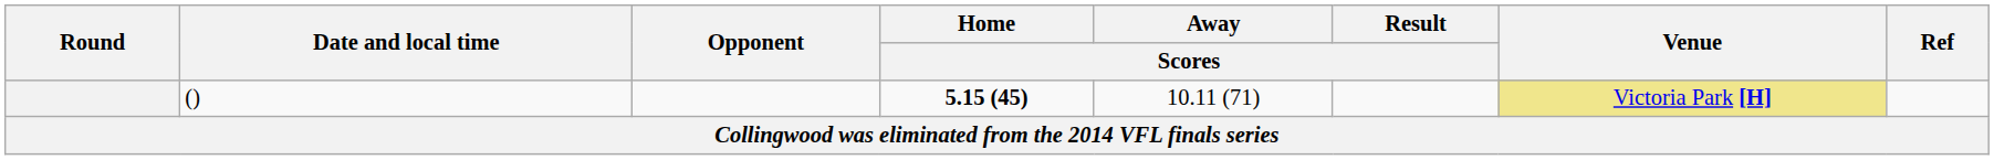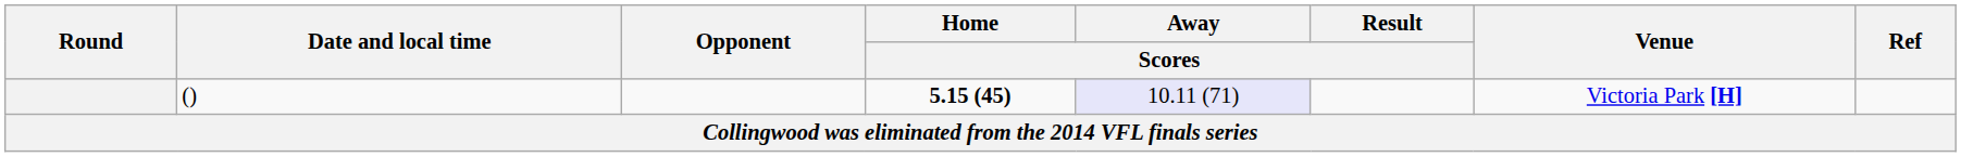 <table class="wikitable plainrowheaders" style="font-size:90%; width:100%; text-align:center;">
 <tr>
 <th scope="col" rowspan="2">Round</th>
 <th scope="col" rowspan="2">Date and local time</th>
 <th scope="col" rowspan="2">Opponent</th>
 <th scope="col">Home</th>
 <th scope="col">Away</th>
 <th scope="col">Result</th>
 <th scope="col" rowspan="2">Venue</th>
 <th scope="col" class="unsortable" rowspan=2>Ref</th>
 </tr>
 <tr>
 <th scope="col" colspan="3">Scores</th>
 </tr>
 <tr>
 <th scope="row"></th>
 <td align=left> ()</td>
 <td align=left></td>
 <td><strong>5.15 (45)</strong></td>
-<td>10.11 (71)</td>
+<td style="background: lavender;">10.11 (71)</td>
 <td></td>
-<td style="background: khaki;"><a href='#'>Victoria Park</a> <a href='#'><strong>[H]</strong></a></td>
+<td><a href='#'>Victoria Park</a> <a href='#'><strong>[H]</strong></a></td>
 <td></td>
 </tr>
 <tr>
 <th colspan=8><span><em>Collingwood was eliminated from the 2014 VFL finals series</em></span></th>
 </tr>
 </table>
